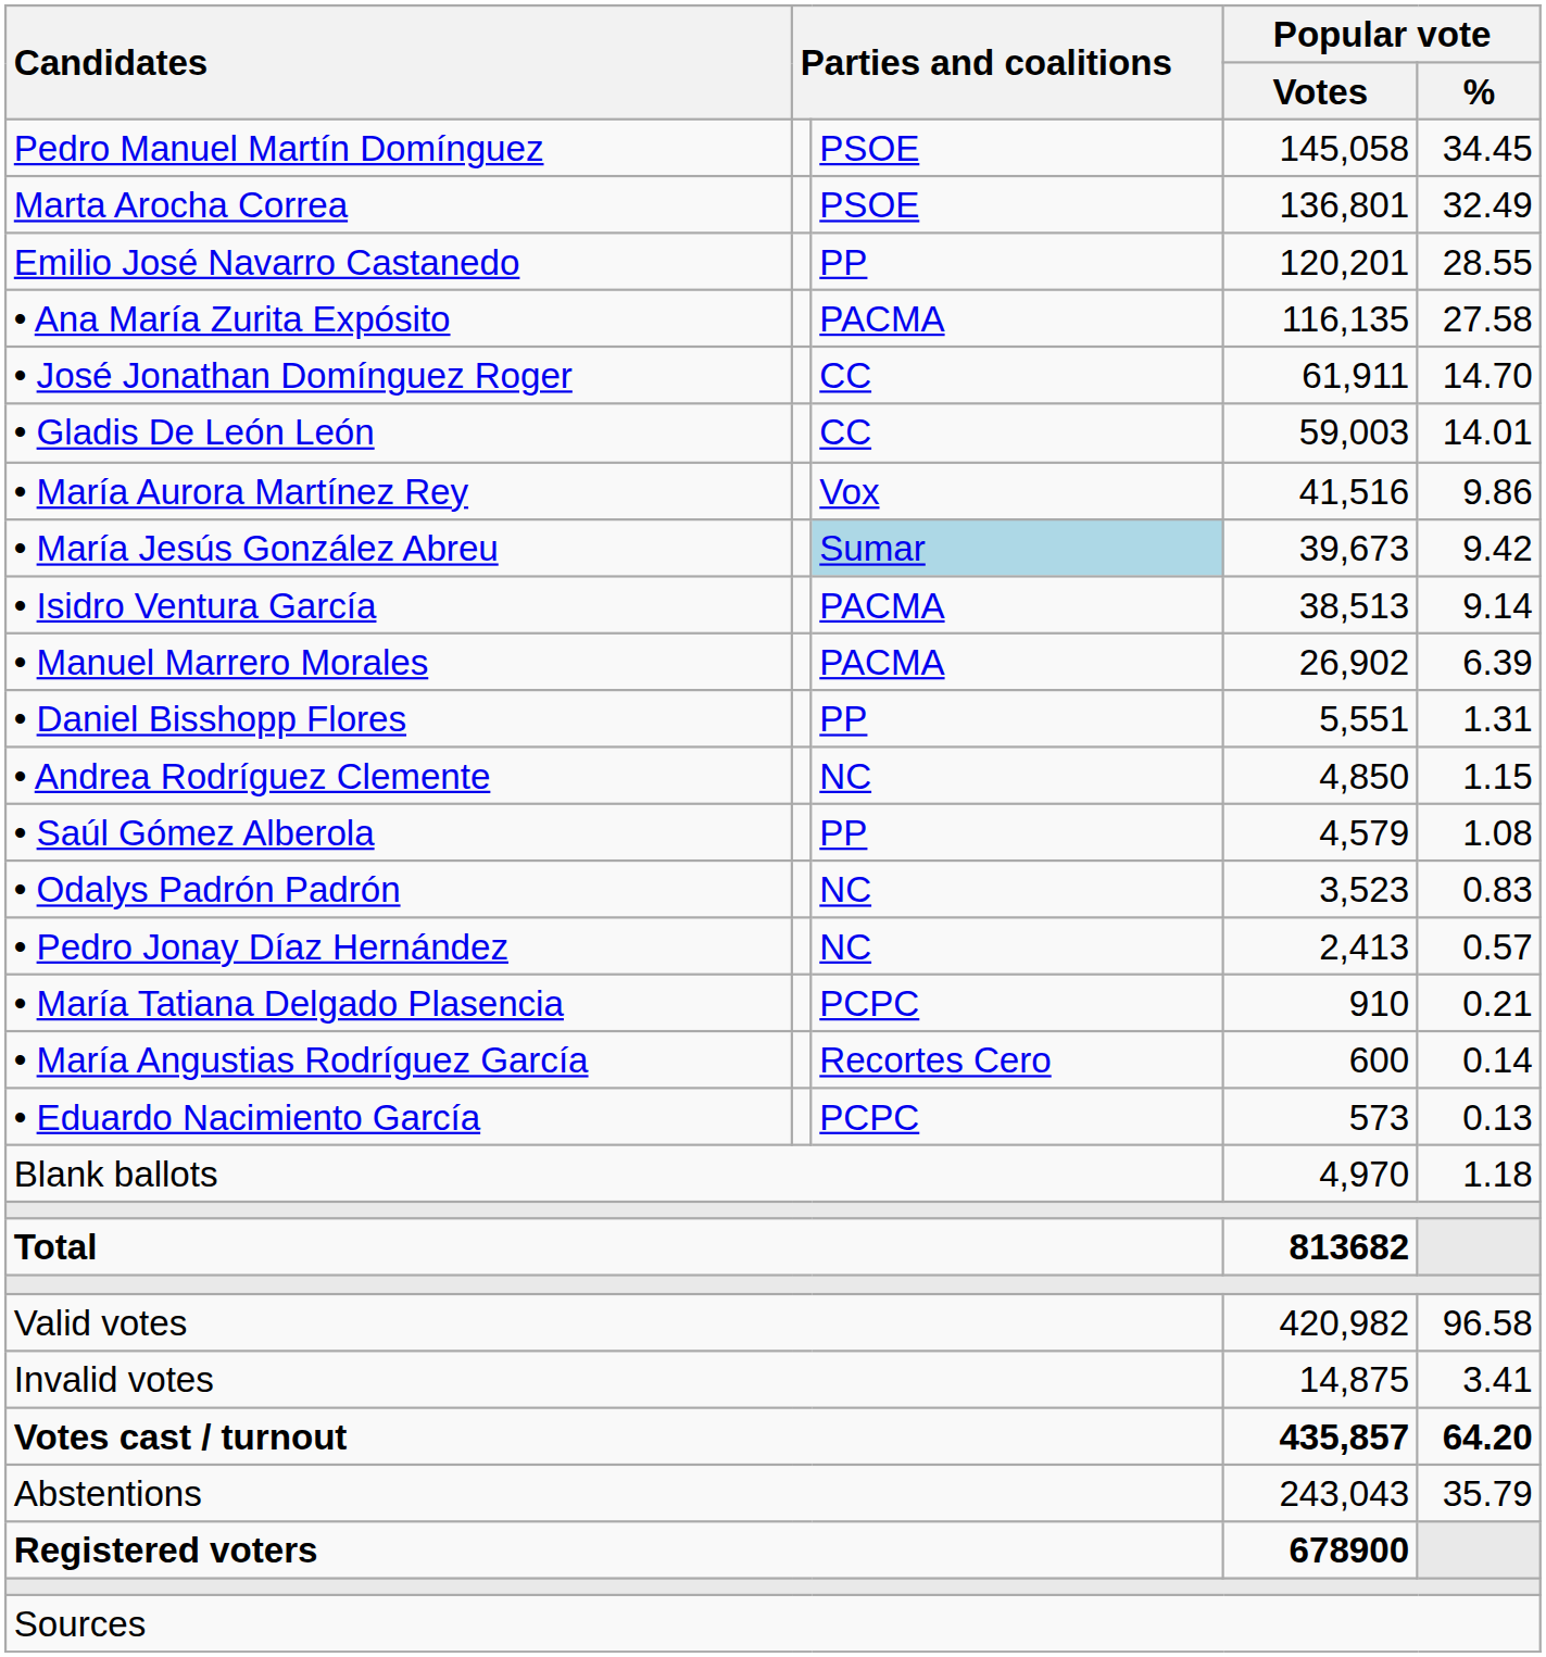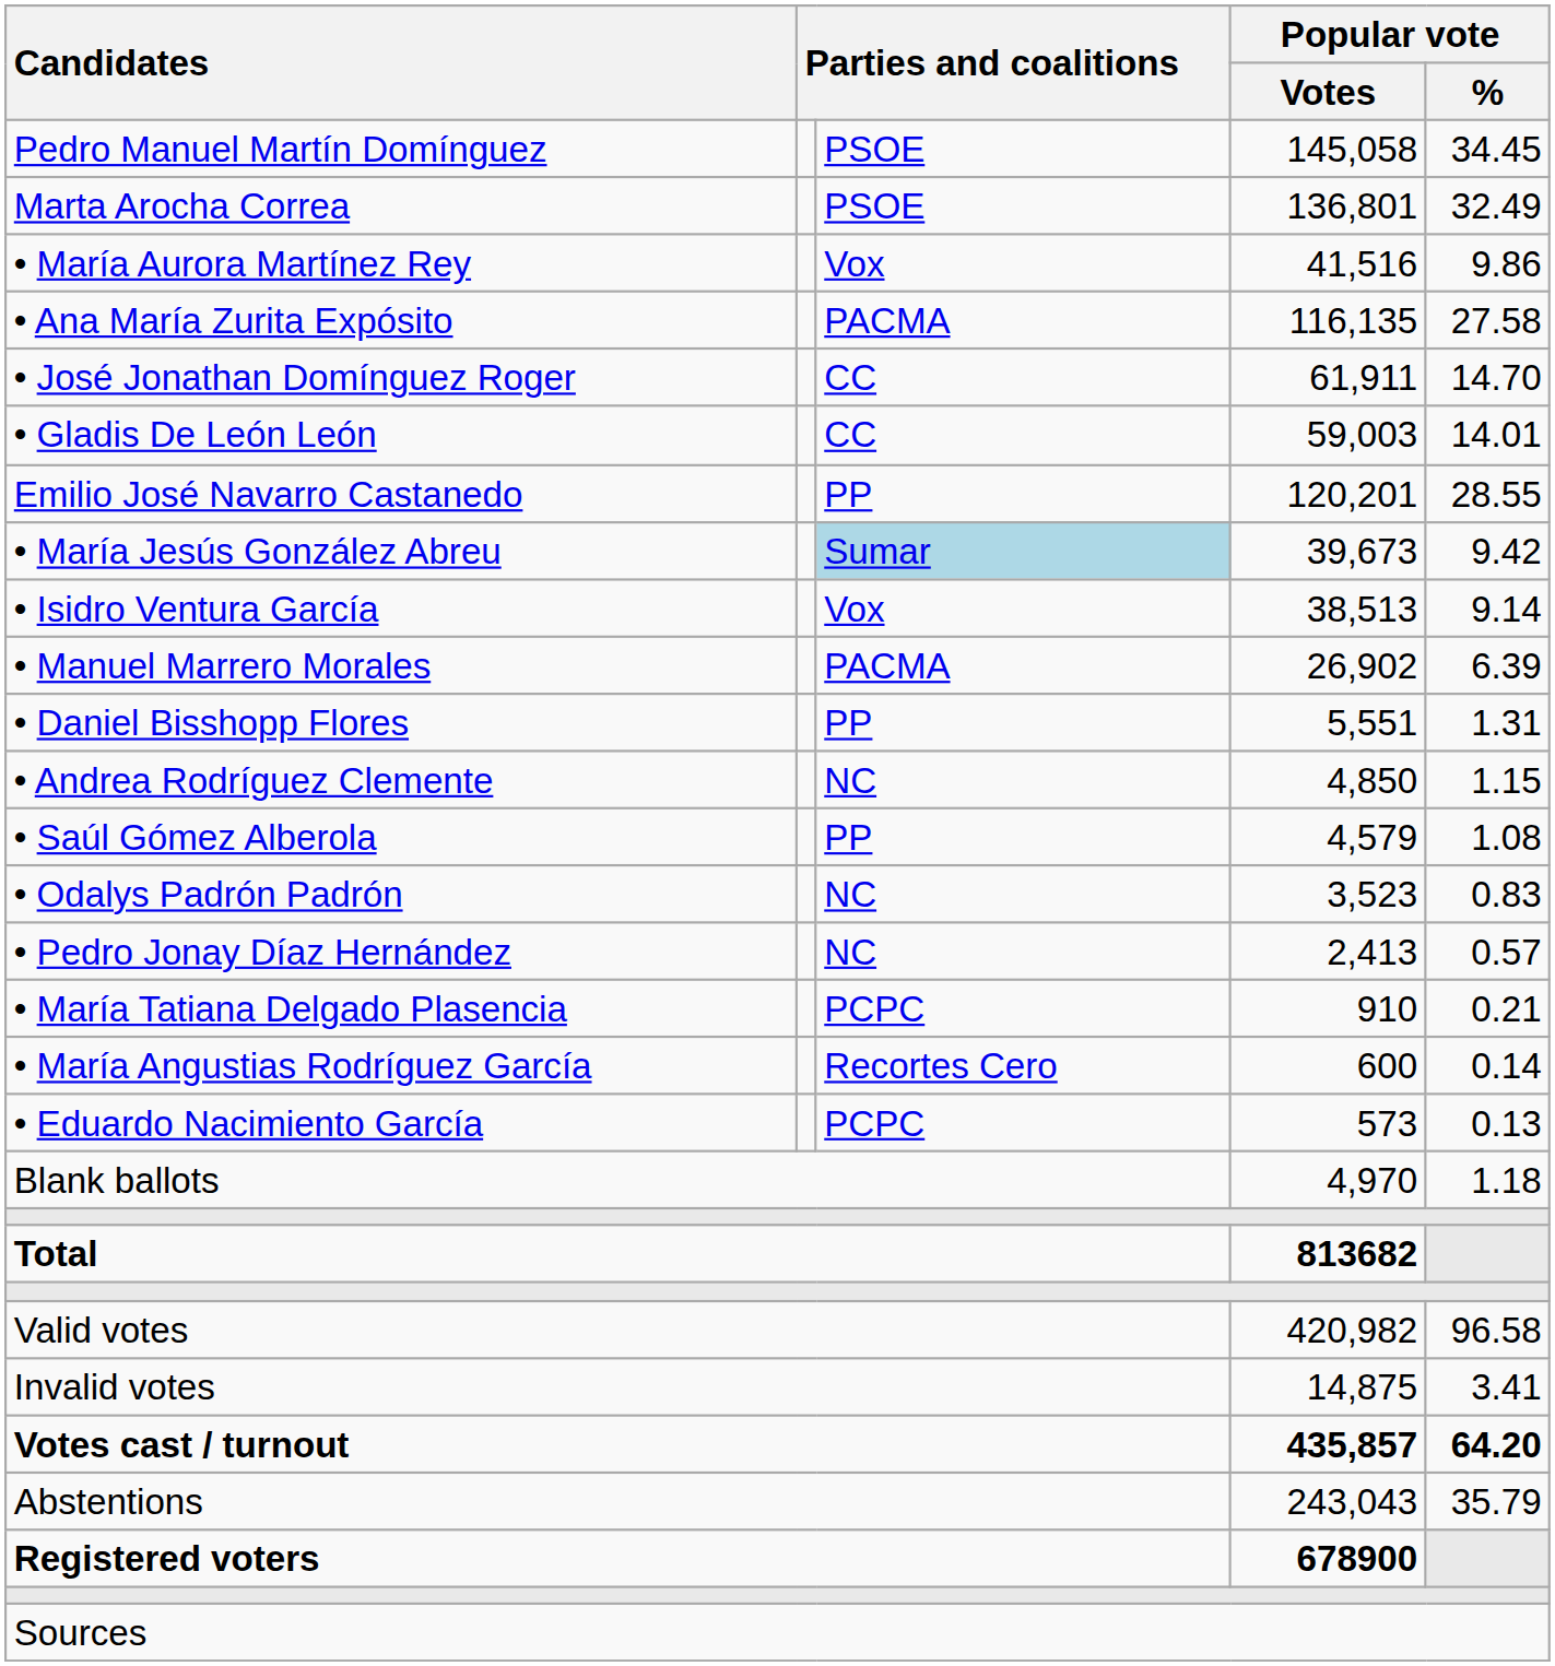 <table class="wikitable" style="text-align:right; font-size:95%;">
 <tr>
 <th style="text-align:left;" rowspan="2" width="325">Candidates</th>
 <th style="text-align:left;" rowspan="2" colspan="2" width="175">Parties and coalitions</th>
 <th colspan="2">Popular vote</th>
 </tr>
 <tr>
 <th width="75">Votes</th>
 <th width="45">%</th>
 </tr>
 <tr>
 <td align="left"> <a href='#'>Pedro Manuel Martín Domínguez</a></td>
 <td width="1" style="color:inherit;background:"></td>
 <td align="left"><a href='#'>PSOE</a></td>
 <td>145,058</td>
 <td>34.45</td>
 </tr>
 <tr>
 <td align="left"> <a href='#'>Marta Arocha Correa</a></td>
 <td width="1" style="color:inherit;background:"></td>
 <td align="left"><a href='#'>PSOE</a></td>
 <td>136,801</td>
 <td>32.49</td>
 </tr>
 <tr>
-<td align="left"> <a href='#'>Emilio José Navarro Castanedo</a></td>
+<td align="left">• <a href='#'>María Aurora Martínez Rey</a></td>
 <td width="1" style="color:inherit;background:"></td>
-<td align="left"><a href='#'>PP</a></td>
-<td>120,201</td>
-<td>28.55</td>
+<td align="left"><a href='#'>Vox</a></td>
+<td>41,516</td>
+<td>9.86</td>
 </tr>
 <tr>
 <td align="left">• <a href='#'>Ana María Zurita Expósito</a></td>
 <td width="1" style="color:inherit;background:"></td>
 <td align="left"><a href='#'>PACMA</a></td>
 <td>116,135</td>
 <td>27.58</td>
 </tr>
 <tr>
 <td align="left">• <a href='#'>José Jonathan Domínguez Roger</a></td>
 <td width="1" style="color:inherit;background:"></td>
 <td align="left"><a href='#'>CC</a></td>
 <td>61,911</td>
 <td>14.70</td>
 </tr>
 <tr>
 <td align="left">• <a href='#'>Gladis De León León</a></td>
 <td width="1" style="color:inherit;background:"></td>
 <td align="left"><a href='#'>CC</a></td>
 <td>59,003</td>
 <td>14.01</td>
 </tr>
 <tr>
-<td align="left">• <a href='#'>María Aurora Martínez Rey</a></td>
+<td align="left"> <a href='#'>Emilio José Navarro Castanedo</a></td>
 <td width="1" style="color:inherit;background:"></td>
-<td align="left"><a href='#'>Vox</a></td>
-<td>41,516</td>
-<td>9.86</td>
+<td align="left"><a href='#'>PP</a></td>
+<td>120,201</td>
+<td>28.55</td>
 </tr>
 <tr>
 <td align="left">• <a href='#'>María Jesús González Abreu</a></td>
 <td width="1" style="color:inherit;background:"></td>
 <td align="left" style="background: lightblue;"><a href='#'>Sumar</a></td>
 <td>39,673</td>
 <td>9.42</td>
 </tr>
 <tr>
 <td align="left">• <a href='#'>Isidro Ventura García</a></td>
 <td width="1" style="color:inherit;background:"></td>
-<td align="left"><a href='#'>PACMA</a></td>
+<td align="left"><a href='#'>Vox</a></td>
 <td>38,513</td>
 <td>9.14</td>
 </tr>
 <tr>
 <td align="left">• <a href='#'>Manuel Marrero Morales</a></td>
 <td width="1" style="color:inherit;background:"></td>
 <td align="left"><a href='#'>PACMA</a></td>
 <td>26,902</td>
 <td>6.39</td>
 </tr>
 <tr>
 <td align="left">• <a href='#'>Daniel Bisshopp Flores</a></td>
 <td width="1" style="color:inherit;background:"></td>
 <td align="left"><a href='#'>PP</a></td>
 <td>5,551</td>
 <td>1.31</td>
 </tr>
 <tr>
 <td align="left">• <a href='#'>Andrea Rodríguez Clemente</a></td>
 <td width="1" style="color:inherit;background:"></td>
 <td align="left"><a href='#'>NC</a></td>
 <td>4,850</td>
 <td>1.15</td>
 </tr>
 <tr>
 <td align="left">• <a href='#'>Saúl Gómez Alberola</a></td>
 <td width="1" style="color:inherit;background:"></td>
 <td align="left"><a href='#'>PP</a></td>
 <td>4,579</td>
 <td>1.08</td>
 </tr>
 <tr>
 <td align="left">• <a href='#'>Odalys Padrón Padrón</a></td>
 <td width="1" style="color:inherit;background:"></td>
 <td align="left"><a href='#'>NC</a></td>
 <td>3,523</td>
 <td>0.83</td>
 </tr>
 <tr>
 <td align="left">• <a href='#'>Pedro Jonay Díaz Hernández</a></td>
 <td width="1" style="color:inherit;background:"></td>
 <td align="left"><a href='#'>NC</a></td>
 <td>2,413</td>
 <td>0.57</td>
 </tr>
 <tr>
 <td align="left">• <a href='#'>María Tatiana Delgado Plasencia</a></td>
 <td width="1" style="color:inherit;background:"></td>
 <td align="left"><a href='#'>PCPC</a></td>
 <td>910</td>
 <td>0.21</td>
 </tr>
 <tr>
 <td align="left">• <a href='#'>María Angustias Rodríguez García</a></td>
 <td width="1" style="color:inherit;background:"></td>
 <td align="left"><a href='#'>Recortes Cero</a></td>
 <td>600</td>
 <td>0.14</td>
 </tr>
 <tr>
 <td align="left">• <a href='#'>Eduardo Nacimiento García</a></td>
 <td width="1" style="color:inherit;background:"></td>
 <td align="left"><a href='#'>PCPC</a></td>
 <td>573</td>
 <td>0.13</td>
 </tr>
 <tr>
 <td align="left" colspan="3">Blank ballots</td>
 <td>4,970</td>
 <td>1.18</td>
 </tr>
 <tr>
 <td colspan="5" bgcolor="#E9E9E9"></td>
 </tr>
 <tr style="font-weight:bold;">
 <td align="left" colspan="3">Total</td>
 <td>813682</td>
 <td bgcolor="#E9E9E9"></td>
 </tr>
 <tr>
 <td colspan="5" bgcolor="#E9E9E9"></td>
 </tr>
 <tr>
 <td align="left" colspan="3">Valid votes</td>
 <td>420,982</td>
 <td>96.58</td>
 </tr>
 <tr>
 <td align="left" colspan="3">Invalid votes</td>
 <td>14,875</td>
 <td>3.41</td>
 </tr>
 <tr style="font-weight:bold;">
 <td align="left" colspan="3">Votes cast / turnout</td>
 <td>435,857</td>
 <td>64.20</td>
 </tr>
 <tr>
 <td align="left" colspan="3">Abstentions</td>
 <td>243,043</td>
 <td>35.79</td>
 </tr>
 <tr style="font-weight:bold;">
 <td align="left" colspan="3">Registered voters</td>
 <td>678900</td>
 <td bgcolor="#E9E9E9"></td>
 </tr>
 <tr>
 <td colspan="5" bgcolor="#E9E9E9"></td>
 </tr>
 <tr>
 <td align="left" colspan="5">Sources</td>
 </tr>
 </table>
